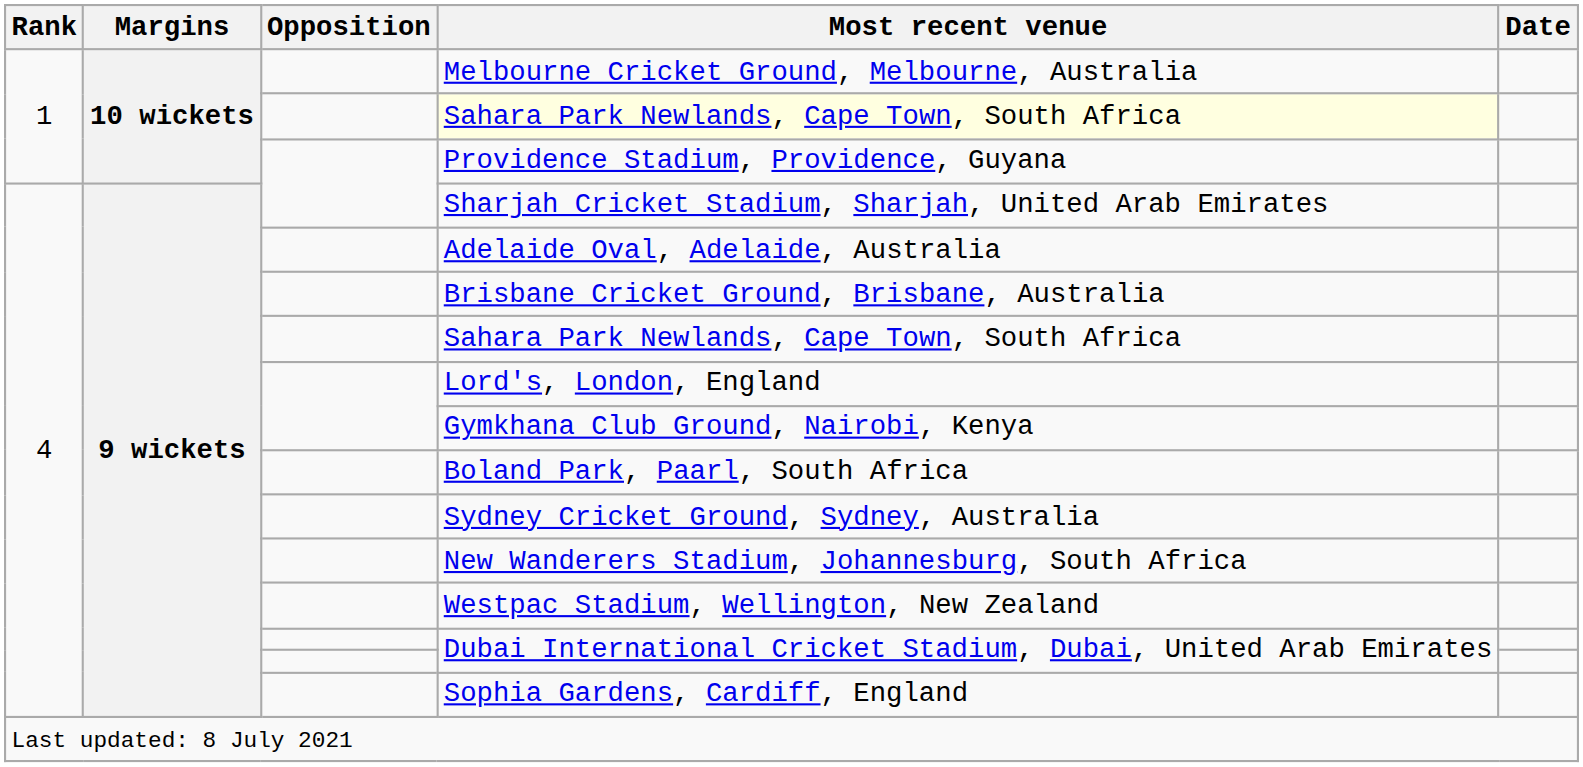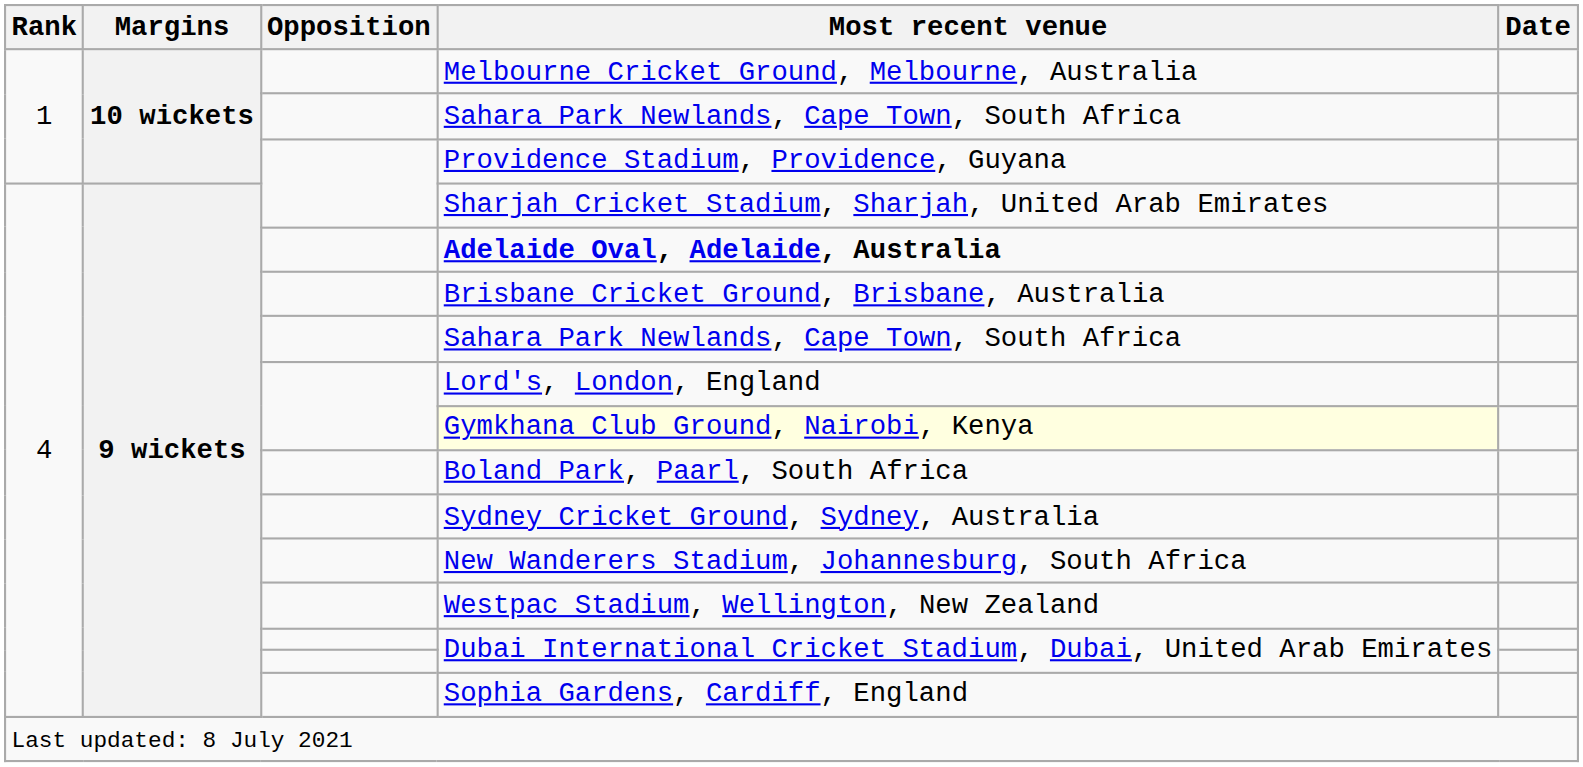 <table class="wikitable plainrowheaders sortable">
 <tr>
 <th scope=col>Rank</th>
 <th scope=col>Margins</th>
 <th scope=col>Opposition</th>
 <th scope=col>Most recent venue</th>
 <th scope=col>Date</th>
 </tr>
 <tr>
 <td align=center rowspan=3>1</td>
 <th scope=row style=text-align:center rowspan=3>10 wickets</th>
 <td></td>
 <td><a href='#'>Melbourne Cricket Ground</a>, <a href='#'>Melbourne</a>, Australia</td>
 <td> </td>
 </tr>
 <tr>
 <td></td>
-<td style="background: lightyellow;"><a href='#'>Sahara Park Newlands</a>, <a href='#'>Cape Town</a>, South Africa</td>
+<td><a href='#'>Sahara Park Newlands</a>, <a href='#'>Cape Town</a>, South Africa</td>
 <td></td>
 </tr>
 <tr>
 <td rowspan=2></td>
 <td><a href='#'>Providence Stadium</a>, <a href='#'>Providence</a>, Guyana</td>
 <td></td>
 </tr>
 <tr>
 <td align=center rowspan=13>4</td>
 <th scope=row style=text-align:center rowspan=13>9 wickets</th>
 <td><a href='#'>Sharjah Cricket Stadium</a>, <a href='#'>Sharjah</a>, United Arab Emirates</td>
 <td></td>
 </tr>
 <tr>
 <td></td>
-<td><a href='#'>Adelaide Oval</a>, <a href='#'>Adelaide</a>, Australia</td>
+<td><strong><a href='#'>Adelaide Oval</a>, <a href='#'>Adelaide</a>, Australia</strong></td>
 <td></td>
 </tr>
 <tr>
 <td></td>
 <td><a href='#'>Brisbane Cricket Ground</a>, <a href='#'>Brisbane</a>, Australia</td>
 <td></td>
 </tr>
 <tr>
 <td></td>
 <td><a href='#'>Sahara Park Newlands</a>, <a href='#'>Cape Town</a>, South Africa</td>
 <td></td>
 </tr>
 <tr>
 <td rowspan=2></td>
 <td><a href='#'>Lord's</a>, <a href='#'>London</a>, England</td>
 <td></td>
 </tr>
 <tr>
-<td><a href='#'>Gymkhana Club Ground</a>, <a href='#'>Nairobi</a>, Kenya</td>
+<td style="background: lightyellow;"><a href='#'>Gymkhana Club Ground</a>, <a href='#'>Nairobi</a>, Kenya</td>
 <td></td>
 </tr>
 <tr>
 <td></td>
 <td><a href='#'>Boland Park</a>, <a href='#'>Paarl</a>, South Africa</td>
 <td></td>
 </tr>
 <tr>
 <td></td>
 <td><a href='#'>Sydney Cricket Ground</a>, <a href='#'>Sydney</a>, Australia</td>
 <td></td>
 </tr>
 <tr>
 <td></td>
 <td><a href='#'>New Wanderers Stadium</a>, <a href='#'>Johannesburg</a>, South Africa</td>
 <td></td>
 </tr>
 <tr>
 <td></td>
 <td><a href='#'>Westpac Stadium</a>, <a href='#'>Wellington</a>, New Zealand</td>
 <td></td>
 </tr>
 <tr>
 <td></td>
 <td rowspan=2><a href='#'>Dubai International Cricket Stadium</a>, <a href='#'>Dubai</a>, United Arab Emirates</td>
 <td></td>
 </tr>
 <tr>
 <td></td>
 <td></td>
 </tr>
 <tr>
 <td></td>
 <td><a href='#'>Sophia Gardens</a>, <a href='#'>Cardiff</a>, England</td>
 <td></td>
 </tr>
 <tr class=sortbottom>
 <td colspan=5><small>Last updated: 8 July 2021</small></td>
 </tr>
 </table>
